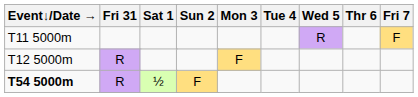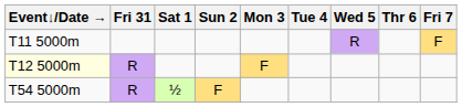 <table class="wikitable" style="margin:0.5em auto; font-size:90%; line-height:1.25em;">
 <tr align="center">
 <th>Event↓/Date →</th>
 <th colspan=2>Fri 31</th>
 <th colspan=2>Sat 1</th>
 <th colspan=2>Sun 2</th>
 <th colspan=2>Mon 3</th>
 <th colspan=2>Tue 4</th>
 <th colspan=2>Wed 5</th>
 <th colspan=2>Thr 6</th>
 <th colspan=2>Fri 7</th>
 </tr>
 <tr align="center">
 <td align="left">T11 5000m</td>
 <td colspan=2></td>
 <td colspan=2></td>
 <td colspan=2></td>
 <td colspan=2></td>
 <td colspan=2></td>
 <td colspan=2 bgcolor="#D0A9F5">R</td>
 <td colspan=2></td>
 <td colspan=2 bgcolor="#FFDF80">F</td>
 </tr>
 <tr align="center">
-<td align="left">T12 5000m</td>
+<td align="left" style="background: lightyellow;">T12 5000m</td>
 <td colspan=2 bgcolor="#D0A9F5">R</td>
 <td colspan=2></td>
 <td colspan=2></td>
 <td colspan=2 bgcolor="#FFDF80">F</td>
 <td colspan=2></td>
 <td colspan=2></td>
 <td colspan=2></td>
 <td colspan=2></td>
 </tr>
 <tr align="center">
-<td align="left"><strong>T54 5000m</strong></td>
+<td align="left">T54 5000m</td>
 <td colspan=2 bgcolor="#D0A9F5">R</td>
 <td colspan=2 bgcolor="#D9FFB2">½</td>
 <td colspan=2 bgcolor="#FFDF80">F</td>
 <td colspan=2></td>
 <td colspan=2></td>
 <td colspan=2></td>
 <td colspan=2></td>
 <td colspan=2></td>
 </tr>
 </table>
